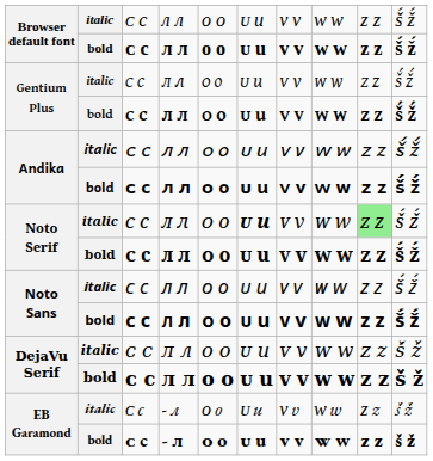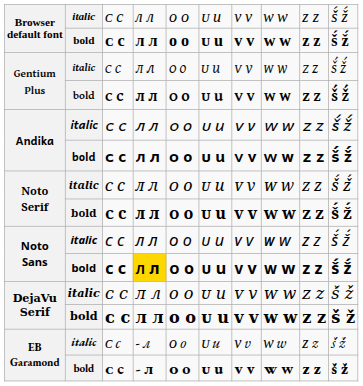 <table class=wikitable>
 <tr>
 <th rowspan=2>Browser <br>default font</th>
 <th><em>italic</em></th>
 <td><big><big><em>ᴄ c</em></big></big></td>
 <td><big><big><em>ᴫ л</em></big></big></td>
 <td><big><big><em>ᴏ o</em></big></big></td>
 <td><big><big><em>ᴜ u</em></big></big></td>
 <td><big><big><em>ᴠ v</em></big></big></td>
 <td><big><big><em>ᴡ w</em></big></big></td>
 <td><big><big><em>ᴢ z</em></big></big></td>
 <td><big><big><em>š́ ž́</em></big></big></td>
 </tr>
 <tr>
 <th>bold</th>
 <td><big><big><strong>ᴄ c</strong></big></big></td>
 <td><big><big><strong>ᴫ л</strong></big></big></td>
 <td><big><big><strong>ᴏ o</strong></big></big></td>
 <td><big><big><strong>ᴜ u</strong></big></big></td>
 <td><big><big><strong>ᴠ v</strong></big></big></td>
 <td><big><big><strong>ᴡ w</strong></big></big></td>
 <td><big><big><strong>ᴢ z</strong></big></big></td>
 <td><big><big><strong>š́ ž́</strong></big></big></td>
 </tr>
 <tr style="font-family: Gentium Plus">
 <th rowspan=2>Gentium <br>Plus</th>
 <th><em>italic</em></th>
 <td><big><big><em>ᴄ c</em></big></big></td>
 <td><big><big><em>ᴫ л</em></big></big></td>
 <td><big><big><em>ᴏ o</em></big></big></td>
 <td><big><big><em>ᴜ u</em></big></big></td>
 <td><big><big><em>ᴠ v</em></big></big></td>
 <td><big><big><em>ᴡ w</em></big></big></td>
 <td><big><big><em>ᴢ z</em></big></big></td>
 <td><big><big><em>š́ ž́</em></big></big></td>
 </tr>
 <tr style="font-family: Gentium Plus">
 <th>bold</th>
 <td><big><big><strong>ᴄ c</strong></big></big></td>
 <td><big><big><strong>ᴫ л</strong></big></big></td>
 <td><big><big><strong>ᴏ o</strong></big></big></td>
 <td><big><big><strong>ᴜ u</strong></big></big></td>
 <td><big><big><strong>ᴠ v</strong></big></big></td>
 <td><big><big><strong>ᴡ w</strong></big></big></td>
 <td><big><big><strong>ᴢ z</strong></big></big></td>
 <td><big><big><strong>š́ ž́</strong></big></big></td>
 </tr>
 <tr style="font-family: Andika">
 <th rowspan=2>Andika</th>
 <th><em>italic</em></th>
 <td><big><big><em>ᴄ c</em></big></big></td>
 <td><big><big><em>ᴫ л</em></big></big></td>
 <td><big><big><em>ᴏ o</em></big></big></td>
 <td><big><big><em>ᴜ u</em></big></big></td>
 <td><big><big><em>ᴠ v</em></big></big></td>
 <td><big><big><em>ᴡ w</em></big></big></td>
 <td><big><big><em>ᴢ z</em></big></big></td>
 <td><big><big><em>š́ ž́</em></big></big></td>
 </tr>
 <tr style="font-family: Andika">
 <th>bold</th>
 <td><big><big><strong>ᴄ c</strong></big></big></td>
 <td><big><big><strong>ᴫ л</strong></big></big></td>
 <td><big><big><strong>ᴏ o</strong></big></big></td>
 <td><big><big><strong>ᴜ u</strong></big></big></td>
 <td><big><big><strong>ᴠ v</strong></big></big></td>
 <td><big><big><strong>ᴡ w</strong></big></big></td>
 <td><big><big><strong>ᴢ z</strong></big></big></td>
 <td><big><big><strong>š́ ž́</strong></big></big></td>
 </tr>
 <tr style="font-family: Noto Serif">
 <th rowspan=2>Noto<br>Serif</th>
 <th><em>italic</em></th>
 <td><big><big><em>ᴄ c</em></big></big></td>
 <td><big><big><em>ᴫ л</em></big></big></td>
 <td><big><big><em>ᴏ o</em></big></big></td>
-<td><strong><big><big><em>ᴜ u</em></big></big></strong></td>
+<td><big><big><em>ᴜ u</em></big></big></td>
 <td><big><big><em>ᴠ v</em></big></big></td>
 <td><big><big><em>ᴡ w</em></big></big></td>
-<td style="background: lightgreen;"><big><big><em>ᴢ z</em></big></big></td>
+<td><big><big><em>ᴢ z</em></big></big></td>
 <td><big><big><em>š́ ž́</em></big></big></td>
 </tr>
 <tr style="font-family: Noto Serif">
 <th>bold</th>
 <td><big><big><strong>ᴄ c</strong></big></big></td>
 <td><big><big><strong>ᴫ л</strong></big></big></td>
 <td><big><big><strong>ᴏ o</strong></big></big></td>
 <td><big><big><strong>ᴜ u</strong></big></big></td>
 <td><big><big><strong>ᴠ v</strong></big></big></td>
 <td><big><big><strong>ᴡ w</strong></big></big></td>
 <td><big><big><strong>ᴢ z</strong></big></big></td>
 <td><big><big><strong>š́ ž́</strong></big></big></td>
 </tr>
 <tr style="font-family: Noto Sans">
 <th rowspan=2>Noto<br>Sans</th>
 <th><em>italic</em></th>
 <td><big><big><em>ᴄ c</em></big></big></td>
 <td><big><big><em>ᴫ л</em></big></big></td>
 <td><big><big><em>ᴏ o</em></big></big></td>
 <td><big><big><em>ᴜ u</em></big></big></td>
 <td><big><big><em>ᴠ v</em></big></big></td>
 <td><big><big><em>ᴡ w</em></big></big></td>
 <td><big><big><em>ᴢ z</em></big></big></td>
 <td><big><big><em>š́ ž́</em></big></big></td>
 </tr>
 <tr style="font-family: Noto Sans">
 <th>bold</th>
 <td><big><big><strong>ᴄ c</strong></big></big></td>
-<td><big><big><strong>ᴫ л</strong></big></big></td>
+<td style="background: gold;"><big><big><strong>ᴫ л</strong></big></big></td>
 <td><big><big><strong>ᴏ o</strong></big></big></td>
 <td><big><big><strong>ᴜ u</strong></big></big></td>
 <td><big><big><strong>ᴠ v</strong></big></big></td>
 <td><big><big><strong>ᴡ w</strong></big></big></td>
 <td><big><big><strong>ᴢ z</strong></big></big></td>
 <td><big><big><strong>š́ ž́</strong></big></big></td>
 </tr>
 <tr style="font-family: DejaVu Serif">
 <th rowspan=2>DejaVu <br>Serif</th>
 <th><em>italic</em></th>
 <td><big><big><em>ᴄ c</em></big></big></td>
 <td><big><big><em>ᴫ л</em></big></big></td>
 <td><big><big><em>ᴏ o</em></big></big></td>
 <td><big><big><em>ᴜ u</em></big></big></td>
 <td><big><big><em>ᴠ v</em></big></big></td>
 <td><big><big><em>ᴡ w</em></big></big></td>
 <td><big><big><em>ᴢ z</em></big></big></td>
 <td><big><big><em>š́ ž́</em></big></big></td>
 </tr>
 <tr style="font-family: DejaVu Serif">
 <th>bold</th>
 <td><big><big><strong>ᴄ c</strong></big></big></td>
 <td><big><big><strong>ᴫ л</strong></big></big></td>
 <td><big><big><strong>ᴏ o</strong></big></big></td>
 <td><big><big><strong>ᴜ u</strong></big></big></td>
 <td><big><big><strong>ᴠ v</strong></big></big></td>
 <td><big><big><strong>ᴡ w</strong></big></big></td>
 <td><big><big><strong>ᴢ z</strong></big></big></td>
 <td><big><big><strong>š́ ž́</strong></big></big></td>
 </tr>
 <tr style="font-family: EB Garamond">
 <th rowspan=2>EB <br>Garamond</th>
 <th><em>italic</em></th>
 <td><big><big><em>ᴄ c</em></big></big></td>
 <td><big><big><em>- л</em></big></big></td>
 <td><big><big><em>ᴏ o</em></big></big></td>
 <td><big><big><em>ᴜ u</em></big></big></td>
 <td><big><big><em>ᴠ v</em></big></big></td>
 <td><big><big><em>ᴡ w</em></big></big></td>
 <td><big><big><em>ᴢ z</em></big></big></td>
 <td><big><big><em>š́ ž́</em></big></big></td>
 </tr>
 <tr style="font-family: EB Garamond">
 <th>bold</th>
 <td><big><big><strong>ᴄ c</strong></big></big></td>
 <td><big><big><strong>- л</strong></big></big></td>
 <td><big><big><strong>ᴏ o</strong></big></big></td>
 <td><big><big><strong>ᴜ u</strong></big></big></td>
 <td><big><big><strong>ᴠ v</strong></big></big></td>
 <td><big><big><strong>ᴡ w</strong></big></big></td>
 <td><big><big><strong>ᴢ z</strong></big></big></td>
 <td><big><big><strong>š́ ž́</strong></big></big></td>
 </tr>
 </table>
